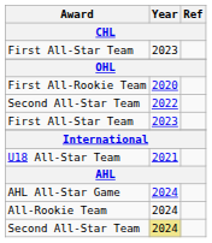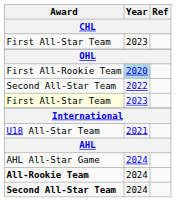 <table class="wikitable">
 <tr>
 <th>Award</th>
 <th>Year</th>
 <th>Ref</th>
 </tr>
 <tr ALIGN="center" bgcolor="#e0e0e0">
 <th colspan="3"><a href='#'>CHL</a></th>
 </tr>
 <tr>
 <td>First All-Star Team</td>
 <td>2023</td>
 <td></td>
 </tr>
 <tr>
 </tr>
 <tr ALIGN="center" bgcolor="#e0e0e0">
 <th colspan="3"><a href='#'>OHL</a></th>
 </tr>
 <tr>
 <td>First All-Rookie Team</td>
-<td><a href='#'>2020</a></td>
+<td style="background: lightblue;"><a href='#'>2020</a></td>
 <td></td>
 </tr>
 <tr>
 <td>Second All-Star Team</td>
 <td><a href='#'>2022</a></td>
 <td></td>
 </tr>
 <tr>
-<td>First All-Star Team</td>
+<td style="background: lightyellow;">First All-Star Team</td>
 <td><a href='#'>2023</a></td>
 <td></td>
 </tr>
 <tr>
 </tr>
 <tr ALIGN="center" bgcolor="#e0e0e0">
 <th colspan="3"><a href='#'>International</a></th>
 </tr>
 <tr>
 <td><a href='#'>U18</a> All-Star Team</td>
 <td><a href='#'>2021</a></td>
 <td></td>
 </tr>
 <tr>
 <th colspan="3"><a href='#'>AHL</a></th>
 </tr>
 <tr>
 <td>AHL All-Star Game</td>
 <td><a href='#'>2024</a></td>
 <td></td>
 </tr>
 <tr>
-<td>All-Rookie Team</td>
+<td><strong>All-Rookie Team</strong></td>
 <td>2024</td>
 <td></td>
 </tr>
 <tr>
-<td>Second All-Star Team</td>
-<td style="background: khaki;">2024</td>
+<td><strong>Second All-Star Team</strong></td>
+<td>2024</td>
 <td></td>
 </tr>
 </table>
